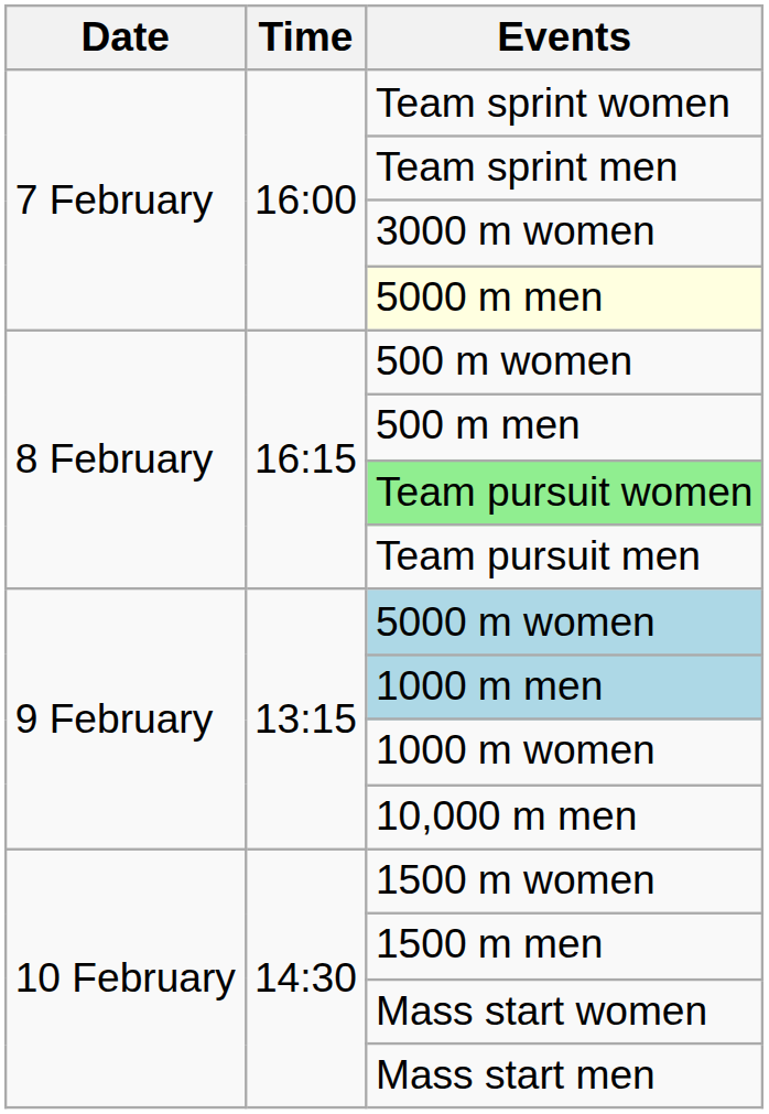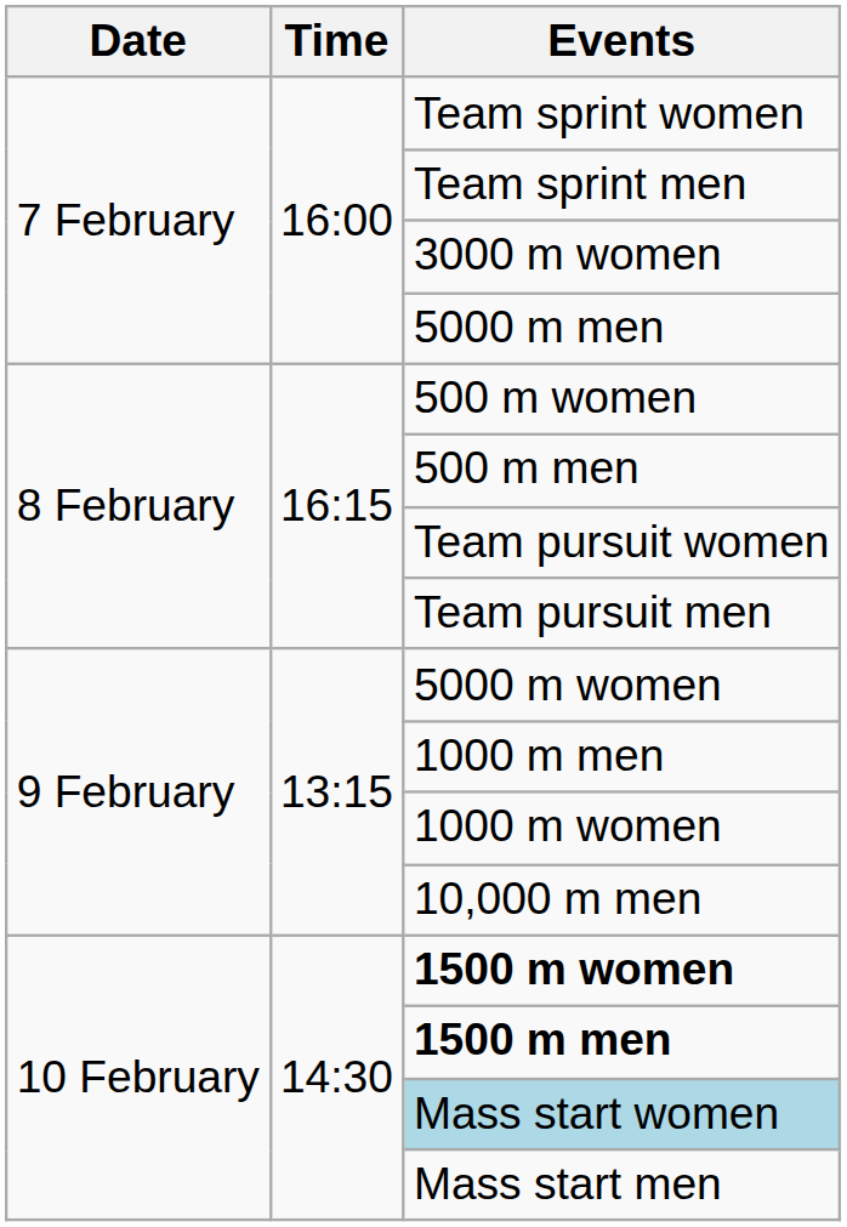 <table class="wikitable" border="1">
 <tr>
 <th>Date</th>
 <th>Time</th>
 <th>Events</th>
 </tr>
 <tr>
 <td rowspan=4>7 February</td>
 <td rowspan=4>16:00</td>
 <td>Team sprint women</td>
 </tr>
 <tr>
 <td>Team sprint men</td>
 </tr>
 <tr>
 <td>3000 m women</td>
 </tr>
 <tr>
-<td style="background: lightyellow;">5000 m men</td>
+<td>5000 m men</td>
 </tr>
 <tr>
 <td rowspan=4>8 February</td>
 <td rowspan=4>16:15</td>
 <td>500 m women</td>
 </tr>
 <tr>
 <td>500 m men</td>
 </tr>
 <tr>
-<td style="background: lightgreen;">Team pursuit women</td>
+<td>Team pursuit women</td>
 </tr>
 <tr>
 <td>Team pursuit men</td>
 </tr>
 <tr>
 <td rowspan=4>9 February</td>
 <td rowspan=4>13:15</td>
-<td style="background: lightblue;">5000 m women</td>
+<td>5000 m women</td>
 </tr>
 <tr>
-<td style="background: lightblue;">1000 m men</td>
+<td>1000 m men</td>
 </tr>
 <tr>
 <td>1000 m women</td>
 </tr>
 <tr>
 <td>10,000 m men</td>
 </tr>
 <tr>
 <td rowspan=4>10 February</td>
 <td rowspan=4>14:30</td>
-<td>1500 m women</td>
+<td><strong>1500 m women</strong></td>
 </tr>
 <tr>
-<td>1500 m men</td>
+<td><strong>1500 m men</strong></td>
 </tr>
 <tr>
-<td>Mass start women</td>
+<td style="background: lightblue;">Mass start women</td>
 </tr>
 <tr>
 <td>Mass start men</td>
 </tr>
 </table>
